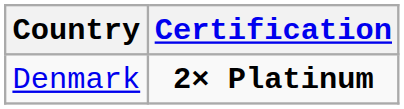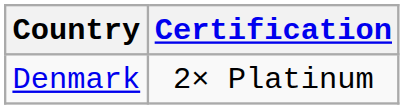 <table class="wikitable sortable">
 <tr>
 <th>Country</th>
 <th><a href='#'>Certification</a></th>
 </tr>
 <tr>
 <td><a href='#'>Denmark</a></td>
-<td style="text-align:center;"><strong>2× Platinum</strong></td>
+<td style="text-align:center;">2× Platinum</td>
 </tr>
 </table>
